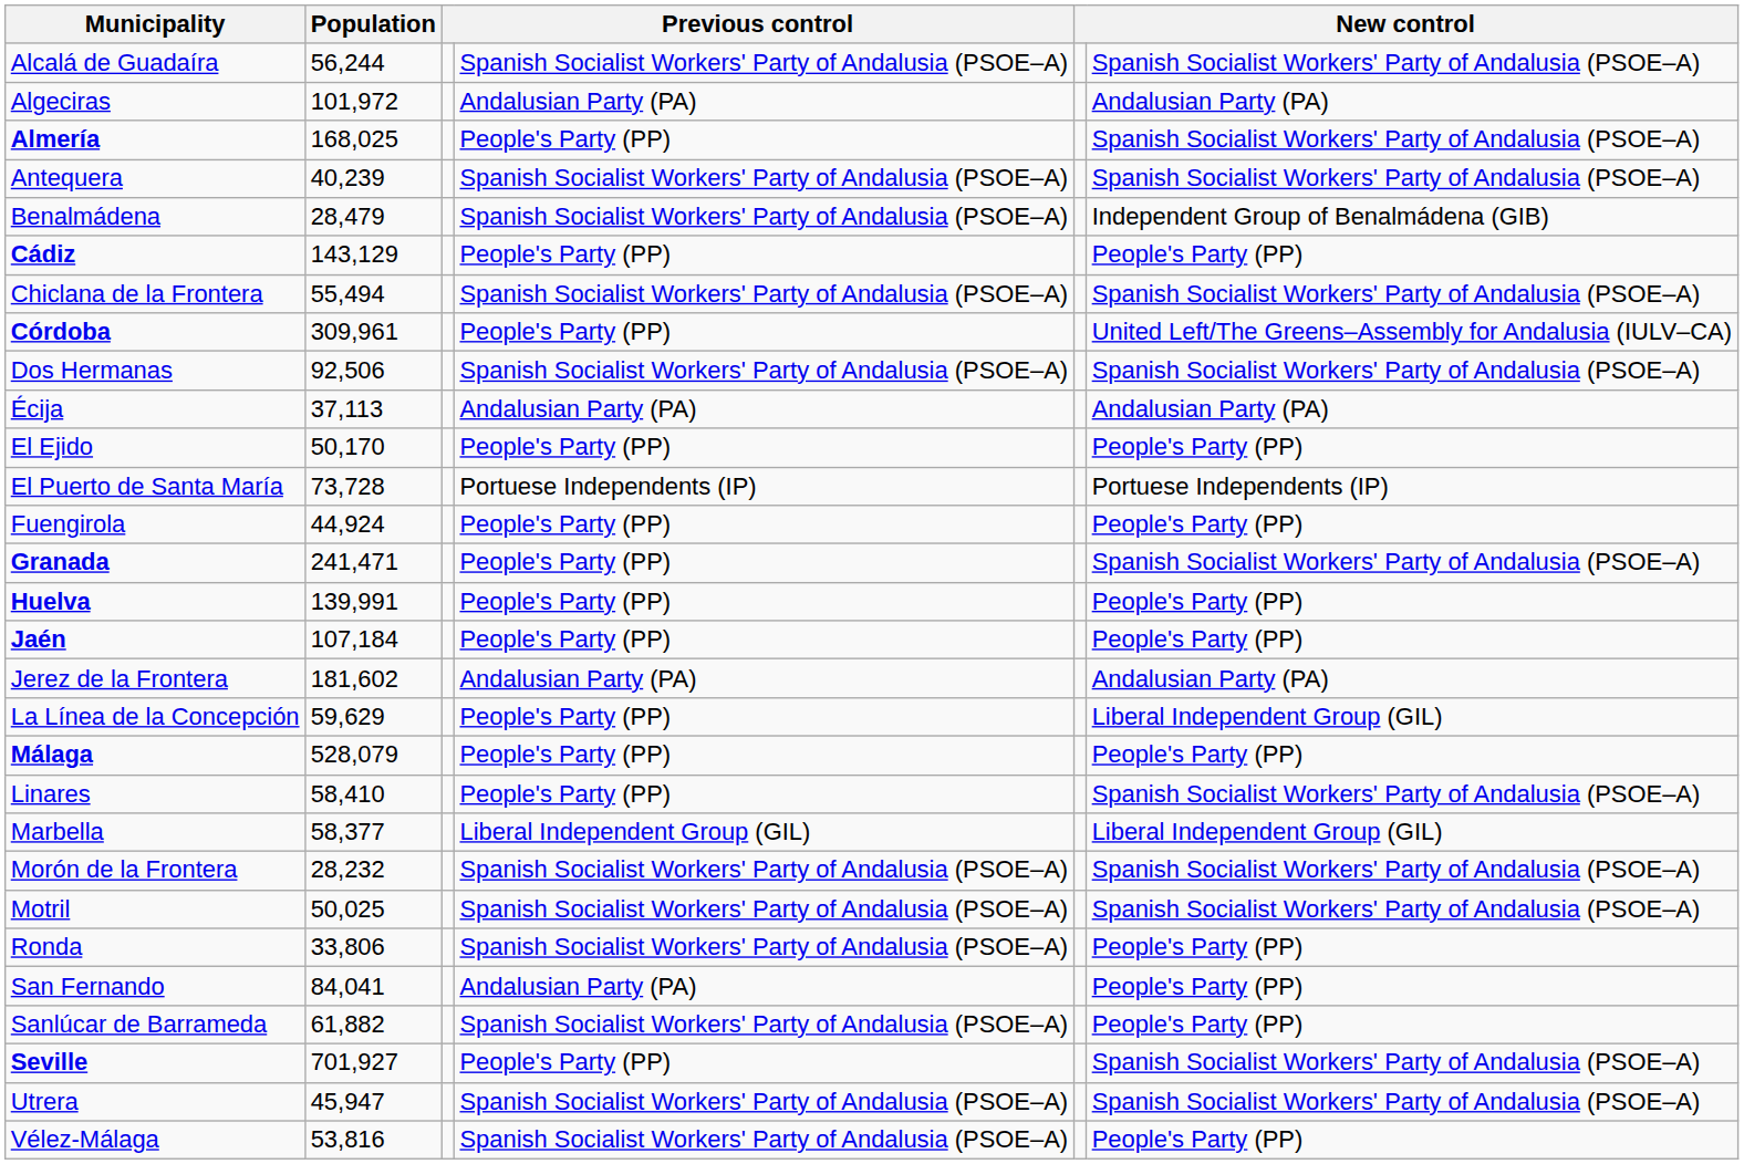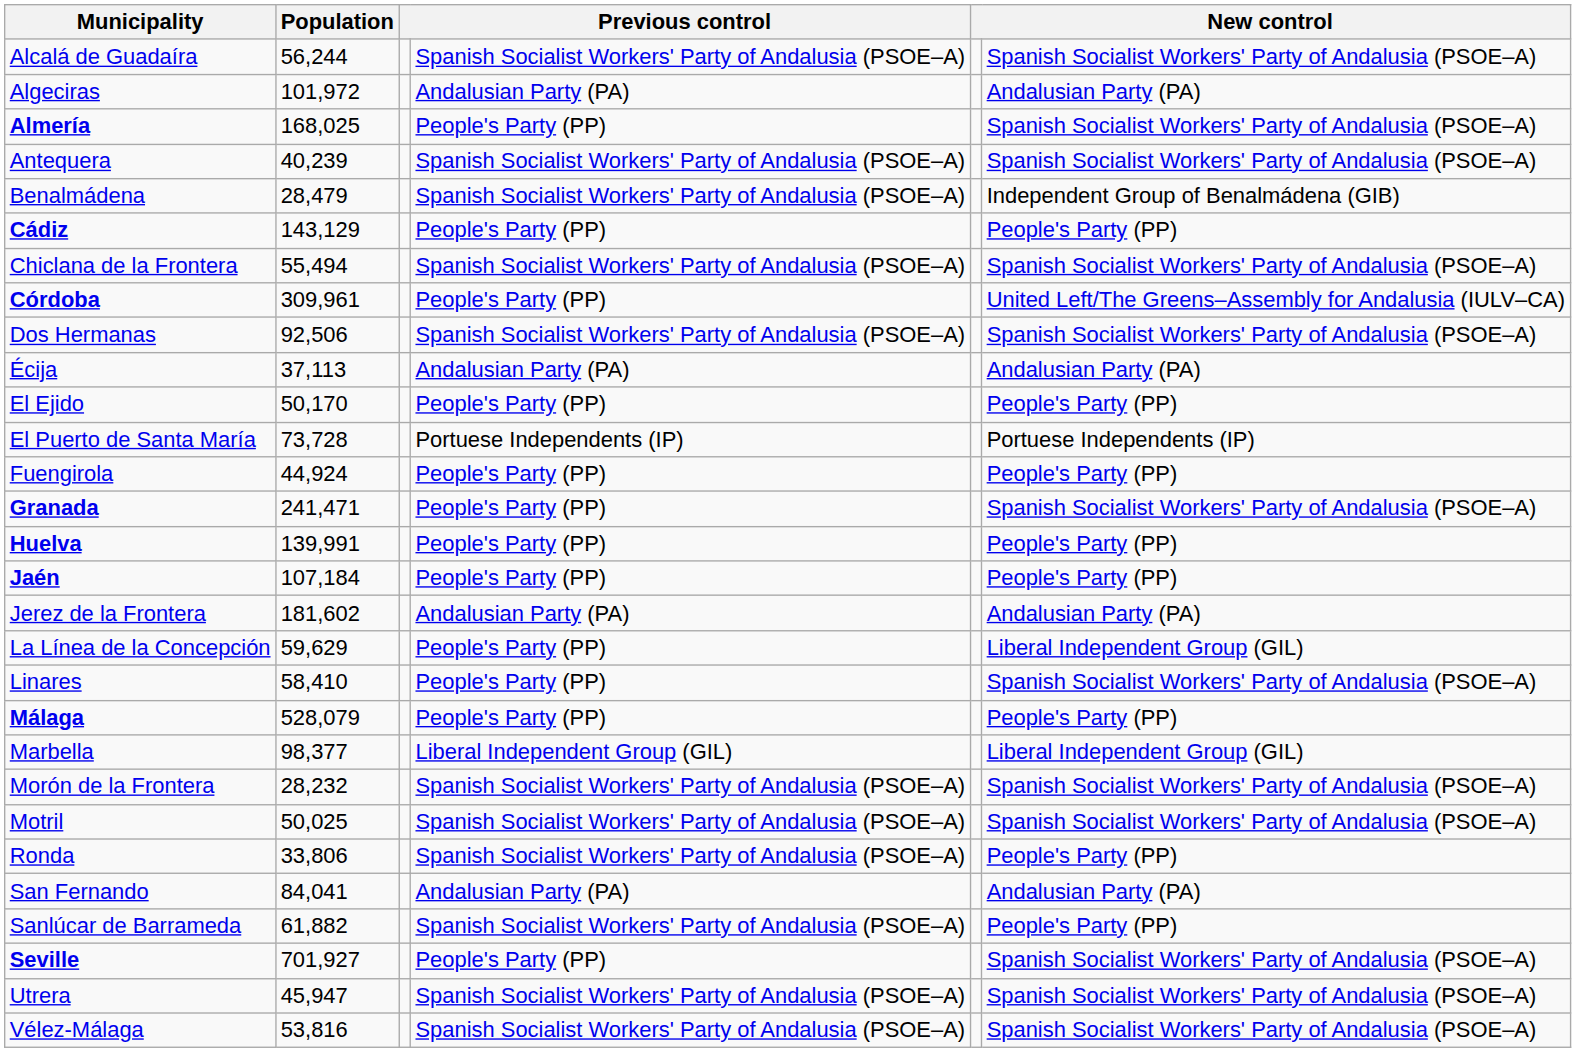 <table class="wikitable sortable">
 <tr>
 <th>Municipality</th>
 <th>Population</th>
 <th colspan="2" style="width:375px;">Previous control</th>
 <th colspan="2" style="width:375px;">New control</th>
 </tr>
 <tr>
 <td><a href='#'>Alcalá de Guadaíra</a></td>
 <td>56,244</td>
 <td width="1" style="color:inherit;background:"></td>
 <td><a href='#'>Spanish Socialist Workers' Party of Andalusia</a> (PSOE–A)</td>
 <td width="1" style="color:inherit;background:"></td>
 <td><a href='#'>Spanish Socialist Workers' Party of Andalusia</a> (PSOE–A)</td>
 </tr>
 <tr>
 <td><a href='#'>Algeciras</a></td>
 <td>101,972</td>
 <td style="color:inherit;background:"></td>
 <td><a href='#'>Andalusian Party</a> (PA)</td>
 <td style="color:inherit;background:"></td>
 <td><a href='#'>Andalusian Party</a> (PA)</td>
 </tr>
 <tr>
 <td><strong><a href='#'>Almería</a></strong></td>
 <td>168,025</td>
 <td style="color:inherit;background:"></td>
 <td><a href='#'>People's Party</a> (PP)</td>
 <td style="color:inherit;background:"></td>
 <td><a href='#'>Spanish Socialist Workers' Party of Andalusia</a> (PSOE–A)</td>
 </tr>
 <tr>
 <td><a href='#'>Antequera</a></td>
 <td>40,239</td>
 <td style="color:inherit;background:"></td>
 <td><a href='#'>Spanish Socialist Workers' Party of Andalusia</a> (PSOE–A)</td>
 <td style="color:inherit;background:"></td>
 <td><a href='#'>Spanish Socialist Workers' Party of Andalusia</a> (PSOE–A)</td>
 </tr>
 <tr>
 <td><a href='#'>Benalmádena</a></td>
 <td>28,479</td>
 <td style="color:inherit;background:"></td>
 <td><a href='#'>Spanish Socialist Workers' Party of Andalusia</a> (PSOE–A)</td>
 <td style="color:inherit;background:"></td>
 <td>Independent Group of Benalmádena (GIB)</td>
 </tr>
 <tr>
 <td><strong><a href='#'>Cádiz</a></strong></td>
 <td>143,129</td>
 <td style="color:inherit;background:"></td>
 <td><a href='#'>People's Party</a> (PP)</td>
 <td style="color:inherit;background:"></td>
 <td><a href='#'>People's Party</a> (PP)</td>
 </tr>
 <tr>
 <td><a href='#'>Chiclana de la Frontera</a></td>
 <td>55,494</td>
 <td style="color:inherit;background:"></td>
 <td><a href='#'>Spanish Socialist Workers' Party of Andalusia</a> (PSOE–A)</td>
 <td style="color:inherit;background:"></td>
 <td><a href='#'>Spanish Socialist Workers' Party of Andalusia</a> (PSOE–A)</td>
 </tr>
 <tr>
 <td><strong><a href='#'>Córdoba</a></strong></td>
 <td>309,961</td>
 <td style="color:inherit;background:"></td>
 <td><a href='#'>People's Party</a> (PP)</td>
 <td style="color:inherit;background:"></td>
 <td><a href='#'>United Left/The Greens–Assembly for Andalusia</a> (IULV–CA)</td>
 </tr>
 <tr>
 <td><a href='#'>Dos Hermanas</a></td>
 <td>92,506</td>
 <td style="color:inherit;background:"></td>
 <td><a href='#'>Spanish Socialist Workers' Party of Andalusia</a> (PSOE–A)</td>
 <td style="color:inherit;background:"></td>
 <td><a href='#'>Spanish Socialist Workers' Party of Andalusia</a> (PSOE–A)</td>
 </tr>
 <tr>
 <td><a href='#'>Écija</a></td>
 <td>37,113</td>
 <td style="color:inherit;background:"></td>
 <td><a href='#'>Andalusian Party</a> (PA)</td>
 <td style="color:inherit;background:"></td>
 <td><a href='#'>Andalusian Party</a> (PA)</td>
 </tr>
 <tr>
 <td><a href='#'>El Ejido</a></td>
 <td>50,170</td>
 <td style="color:inherit;background:"></td>
 <td><a href='#'>People's Party</a> (PP)</td>
 <td style="color:inherit;background:"></td>
 <td><a href='#'>People's Party</a> (PP)</td>
 </tr>
 <tr>
 <td><a href='#'>El Puerto de Santa María</a></td>
 <td>73,728</td>
 <td style="color:inherit;background:"></td>
 <td>Portuese Independents (IP)</td>
 <td style="color:inherit;background:"></td>
 <td>Portuese Independents (IP)</td>
 </tr>
 <tr>
 <td><a href='#'>Fuengirola</a></td>
 <td>44,924</td>
 <td style="color:inherit;background:"></td>
 <td><a href='#'>People's Party</a> (PP)</td>
 <td style="color:inherit;background:"></td>
 <td><a href='#'>People's Party</a> (PP)</td>
 </tr>
 <tr>
 <td><strong><a href='#'>Granada</a></strong></td>
 <td>241,471</td>
 <td style="color:inherit;background:"></td>
 <td><a href='#'>People's Party</a> (PP)</td>
 <td style="color:inherit;background:"></td>
 <td><a href='#'>Spanish Socialist Workers' Party of Andalusia</a> (PSOE–A)</td>
 </tr>
 <tr>
 <td><strong><a href='#'>Huelva</a></strong></td>
 <td>139,991</td>
 <td style="color:inherit;background:"></td>
 <td><a href='#'>People's Party</a> (PP)</td>
 <td style="color:inherit;background:"></td>
 <td><a href='#'>People's Party</a> (PP)</td>
 </tr>
 <tr>
 <td><strong><a href='#'>Jaén</a></strong></td>
 <td>107,184</td>
 <td style="color:inherit;background:"></td>
 <td><a href='#'>People's Party</a> (PP)</td>
 <td style="color:inherit;background:"></td>
 <td><a href='#'>People's Party</a> (PP)</td>
 </tr>
 <tr>
 <td><a href='#'>Jerez de la Frontera</a></td>
 <td>181,602</td>
 <td style="color:inherit;background:"></td>
 <td><a href='#'>Andalusian Party</a> (PA)</td>
 <td style="color:inherit;background:"></td>
 <td><a href='#'>Andalusian Party</a> (PA) </td>
 </tr>
 <tr>
 <td><a href='#'>La Línea de la Concepción</a></td>
 <td>59,629</td>
 <td style="color:inherit;background:"></td>
 <td><a href='#'>People's Party</a> (PP)</td>
 <td style="color:inherit;background:"></td>
 <td><a href='#'>Liberal Independent Group</a> (GIL) </td>
 </tr>
 <tr>
+<td><a href='#'>Linares</a></td>
+<td>58,410</td>
+<td style="color:inherit;background:"></td>
+<td><a href='#'>People's Party</a> (PP)</td>
+<td style="color:inherit;background:"></td>
+<td><a href='#'>Spanish Socialist Workers' Party of Andalusia</a> (PSOE–A)</td>
+</tr>
+<tr>
 <td><strong><a href='#'>Málaga</a></strong></td>
 <td>528,079</td>
 <td style="color:inherit;background:"></td>
 <td><a href='#'>People's Party</a> (PP)</td>
 <td style="color:inherit;background:"></td>
 <td><a href='#'>People's Party</a> (PP)</td>
 </tr>
 <tr>
-<td><a href='#'>Linares</a></td>
-<td>58,410</td>
-<td style="color:inherit;background:"></td>
-<td><a href='#'>People's Party</a> (PP)</td>
-<td style="color:inherit;background:"></td>
-<td><a href='#'>Spanish Socialist Workers' Party of Andalusia</a> (PSOE–A)</td>
-</tr>
-<tr>
 <td><a href='#'>Marbella</a></td>
-<td>58,377</td>
+<td>98,377</td>
 <td style="color:inherit;background:"></td>
 <td><a href='#'>Liberal Independent Group</a> (GIL)</td>
 <td style="color:inherit;background:"></td>
 <td><a href='#'>Liberal Independent Group</a> (GIL)</td>
 </tr>
 <tr>
 <td><a href='#'>Morón de la Frontera</a></td>
 <td>28,232</td>
 <td style="color:inherit;background:"></td>
 <td><a href='#'>Spanish Socialist Workers' Party of Andalusia</a> (PSOE–A)</td>
 <td style="color:inherit;background:"></td>
 <td><a href='#'>Spanish Socialist Workers' Party of Andalusia</a> (PSOE–A)</td>
 </tr>
 <tr>
 <td><a href='#'>Motril</a></td>
 <td>50,025</td>
 <td style="color:inherit;background:"></td>
 <td><a href='#'>Spanish Socialist Workers' Party of Andalusia</a> (PSOE–A)</td>
 <td style="color:inherit;background:"></td>
 <td><a href='#'>Spanish Socialist Workers' Party of Andalusia</a> (PSOE–A)</td>
 </tr>
 <tr>
 <td><a href='#'>Ronda</a></td>
 <td>33,806</td>
 <td style="color:inherit;background:"></td>
 <td><a href='#'>Spanish Socialist Workers' Party of Andalusia</a> (PSOE–A)</td>
 <td style="color:inherit;background:"></td>
 <td><a href='#'>People's Party</a> (PP) </td>
 </tr>
 <tr>
 <td><a href='#'>San Fernando</a></td>
 <td>84,041</td>
 <td style="color:inherit;background:"></td>
 <td><a href='#'>Andalusian Party</a> (PA)</td>
 <td style="color:inherit;background:"></td>
-<td><a href='#'>People's Party</a> (PP)</td>
+<td><a href='#'>Andalusian Party</a> (PA)</td>
 </tr>
 <tr>
 <td><a href='#'>Sanlúcar de Barrameda</a></td>
 <td>61,882</td>
 <td style="color:inherit;background:"></td>
 <td><a href='#'>Spanish Socialist Workers' Party of Andalusia</a> (PSOE–A)</td>
 <td style="color:inherit;background:"></td>
 <td><a href='#'>People's Party</a> (PP)</td>
 </tr>
 <tr>
 <td><strong><a href='#'>Seville</a></strong></td>
 <td>701,927</td>
 <td style="color:inherit;background:"></td>
 <td><a href='#'>People's Party</a> (PP)</td>
 <td style="color:inherit;background:"></td>
 <td><a href='#'>Spanish Socialist Workers' Party of Andalusia</a> (PSOE–A)</td>
 </tr>
 <tr>
 <td><a href='#'>Utrera</a></td>
 <td>45,947</td>
 <td style="color:inherit;background:"></td>
 <td><a href='#'>Spanish Socialist Workers' Party of Andalusia</a> (PSOE–A)</td>
 <td style="color:inherit;background:"></td>
 <td><a href='#'>Spanish Socialist Workers' Party of Andalusia</a> (PSOE–A)</td>
 </tr>
 <tr>
 <td><a href='#'>Vélez-Málaga</a></td>
 <td>53,816</td>
 <td style="color:inherit;background:"></td>
 <td><a href='#'>Spanish Socialist Workers' Party of Andalusia</a> (PSOE–A)</td>
 <td style="color:inherit;background:"></td>
-<td><a href='#'>People's Party</a> (PP)</td>
+<td><a href='#'>Spanish Socialist Workers' Party of Andalusia</a> (PSOE–A)</td>
 </tr>
 </table>
